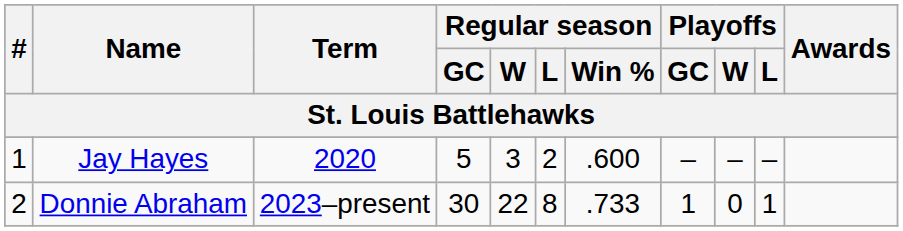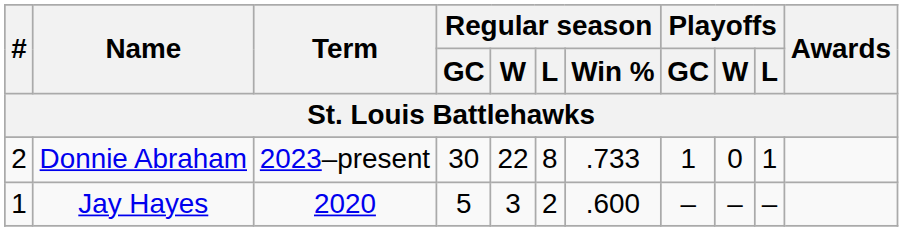 <table class="wikitable" style="text-align:center">
 <tr>
 <th rowspan="2">#</th>
 <th rowspan="2">Name</th>
 <th rowspan="2">Term</th>
 <th colspan="4">Regular season</th>
 <th colspan="3">Playoffs</th>
 <th rowspan="2">Awards</th>
 </tr>
 <tr>
 <th>GC</th>
 <th>W</th>
 <th>L</th>
 <th>Win %</th>
 <th>GC</th>
 <th>W</th>
 <th>L</th>
 </tr>
 <tr>
 <th colspan="11">St. Louis Battlehawks</th>
 </tr>
 <tr>
+<td>2</td>
+<td><a href='#'>Donnie Abraham</a></td>
+<td><a href='#'>2023</a>–present</td>
+<td>30</td>
+<td>22</td>
+<td>8</td>
+<td>.733</td>
+<td>1</td>
+<td>0</td>
+<td>1</td>
+<td></td>
+</tr>
+<tr>
 <td>1</td>
 <td><a href='#'>Jay Hayes</a></td>
 <td><a href='#'>2020</a></td>
 <td>5</td>
 <td>3</td>
 <td>2</td>
 <td>.600</td>
 <td>–</td>
 <td>–</td>
 <td>–</td>
 <td></td>
 </tr>
-<tr>
-<td>2</td>
-<td><a href='#'>Donnie Abraham</a></td>
-<td><a href='#'>2023</a>–present</td>
-<td>30</td>
-<td>22</td>
-<td>8</td>
-<td>.733</td>
-<td>1</td>
-<td>0</td>
-<td>1</td>
-<td></td>
-</tr>
 </table>
